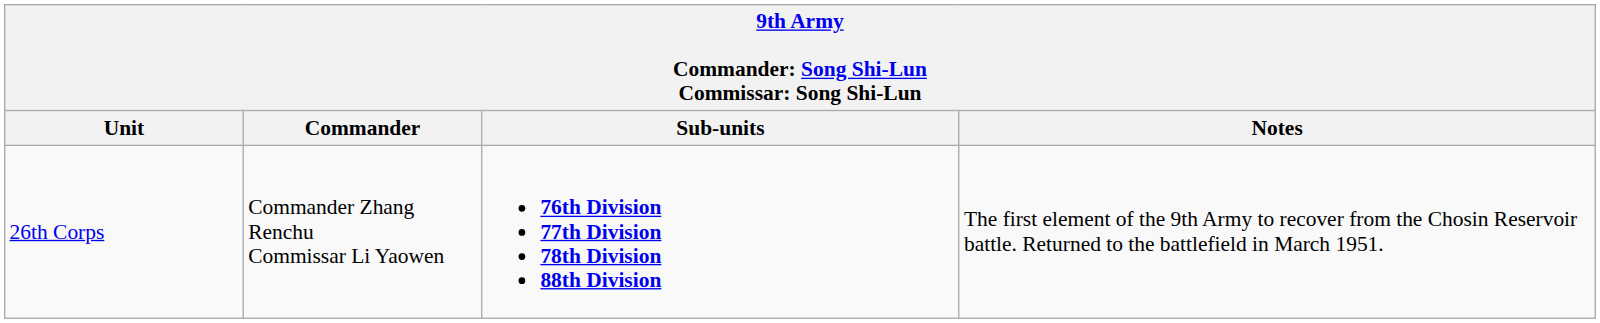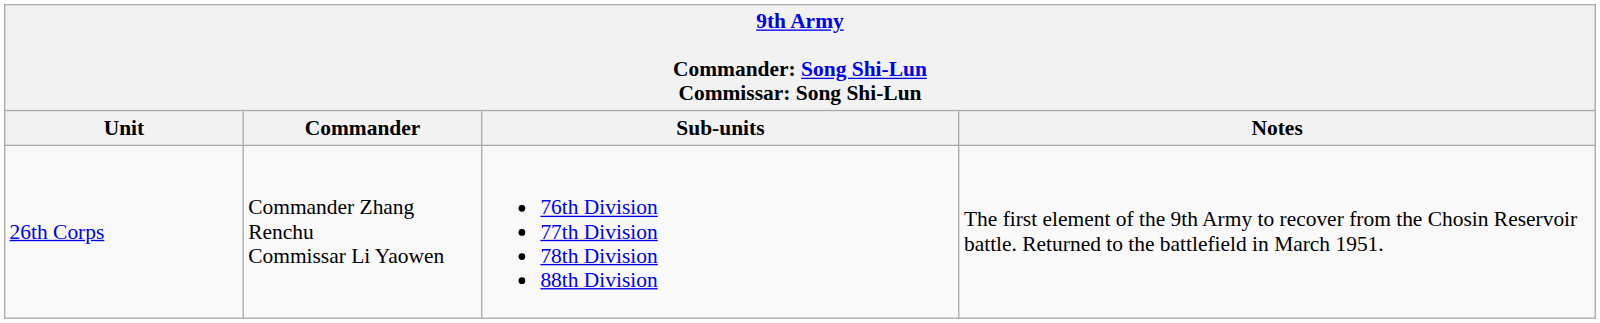 <table class="wikitable" style="width: 75%">
 <tr>
 <th colspan="4" align= center> <a href='#'>9th Army</a><br><br>Commander: <a href='#'>Song Shi-Lun</a><br> Commissar: Song Shi-Lun</th>
 </tr>
 <tr>
 <th width=15%; align= center>Unit</th>
 <th width=15%; align= center>Commander</th>
 <th width=30%; align= center>Sub-units</th>
 <th width=40%; align= center>Notes</th>
 </tr>
 <tr>
 <td><a href='#'>26th Corps</a></td>
 <td>Commander Zhang Renchu<br>Commissar Li Yaowen</td>
-<td><strong><br><ul><li><a href='#'>76th Division</a></li><li><a href='#'>77th Division</a></li><li><a href='#'>78th Division</a></li><li><a href='#'>88th Division</a></li></ul></strong></td>
+<td><br><ul><li><a href='#'>76th Division</a></li><li><a href='#'>77th Division</a></li><li><a href='#'>78th Division</a></li><li><a href='#'>88th Division</a></li></ul></td>
 <td>The first element of the 9th Army to recover from the Chosin Reservoir battle. Returned to the battlefield in March 1951.</td>
 </tr>
 </table>
